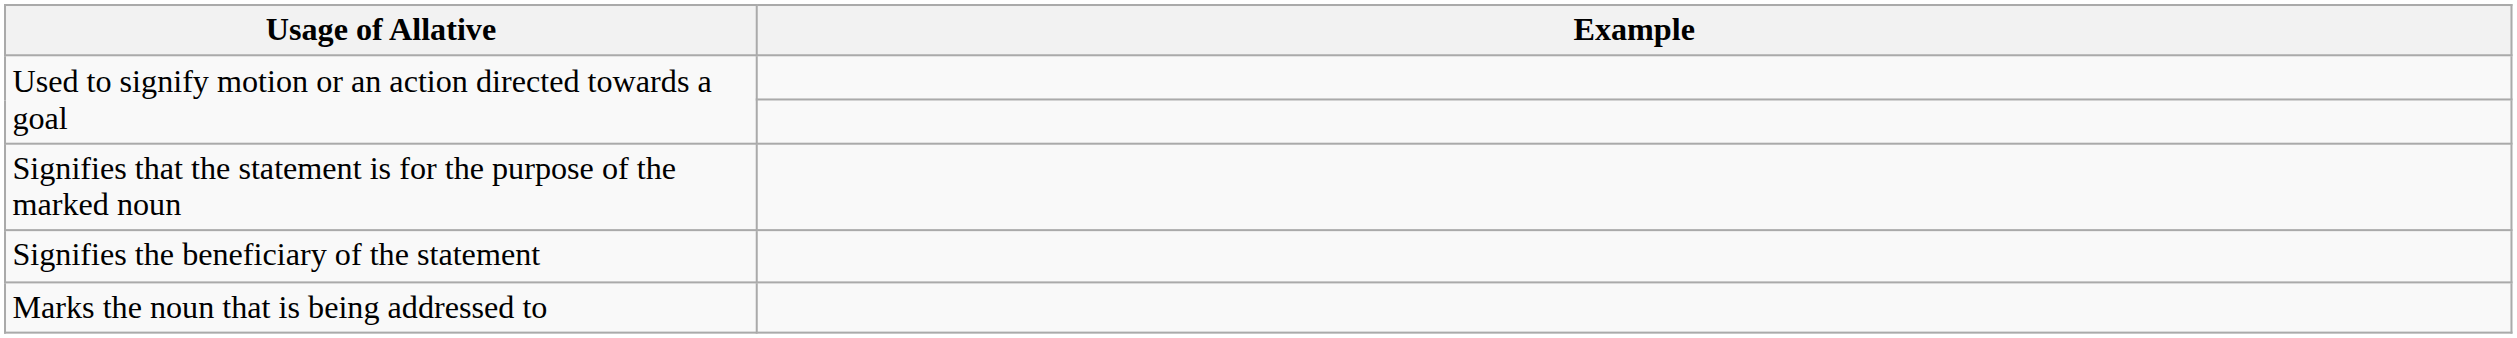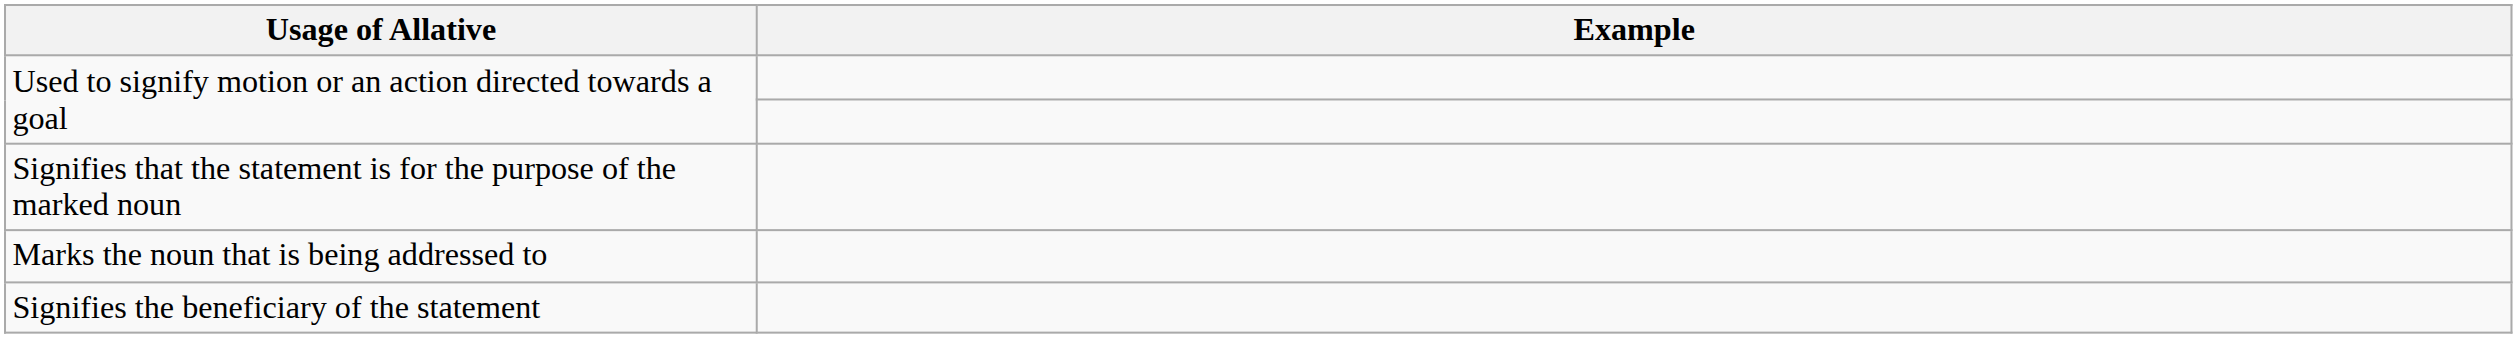 <table class="wikitable">
 <tr>
 <th>Usage of Allative</th>
 <th width="70%">Example</th>
 </tr>
 <tr>
 <td rowspan="2">Used to signify motion or an action directed towards a goal</td>
 <td></td>
 </tr>
 <tr>
 <td></td>
 </tr>
 <tr>
 <td>Signifies that the statement is for the purpose of the marked noun</td>
 <td></td>
 </tr>
 <tr>
+<td>Marks the noun that is being addressed to</td>
+<td></td>
+</tr>
+<tr>
 <td>Signifies the beneficiary of the statement</td>
 <td></td>
 </tr>
-<tr>
-<td>Marks the noun that is being addressed to</td>
-<td></td>
-</tr>
 </table>
